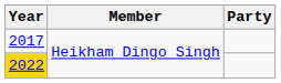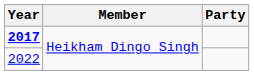 <table class="wikitable sortable">
 <tr>
 <th>Year</th>
 <th>Member</th>
 <th colspan="2">Party</th>
 </tr>
 <tr>
-<td><a href='#'>2017</a></td>
+<td><strong><a href='#'>2017</a></strong></td>
 <td rowspan=2><a href='#'>Heikham Dingo Singh</a></td>
 <td></td>
 </tr>
 <tr>
-<td style="background: gold;"><a href='#'>2022</a></td>
+<td><a href='#'>2022</a></td>
 </tr>
 </table>
